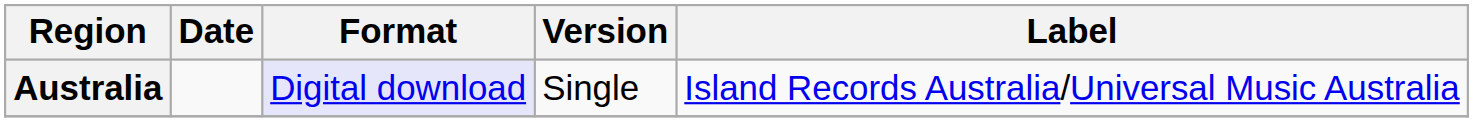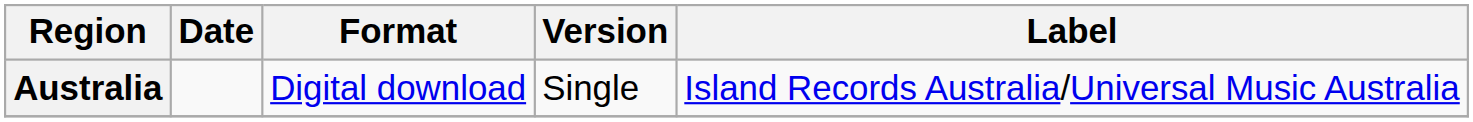 <table class="wikitable plainrowheaders">
 <tr>
 <th scope="col">Region</th>
 <th scope="col">Date</th>
 <th scope="col">Format</th>
 <th scope="col">Version</th>
 <th scope="col">Label</th>
 </tr>
 <tr>
 <th scope="row">Australia</th>
 <td rowspan="1"></td>
-<td rowspan="1" style="background: lavender;"><a href='#'>Digital download</a></td>
+<td rowspan="1"><a href='#'>Digital download</a></td>
 <td rowspan="1">Single</td>
 <td rowspan="1"><a href='#'>Island Records Australia</a>/<a href='#'>Universal Music Australia</a></td>
 </tr>
 <tr>
 </tr>
 </table>
